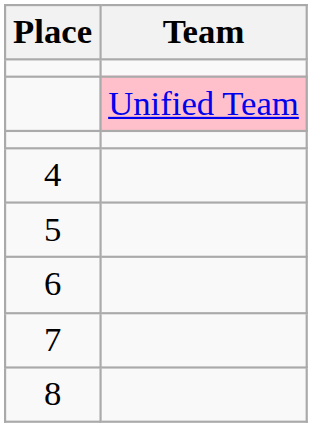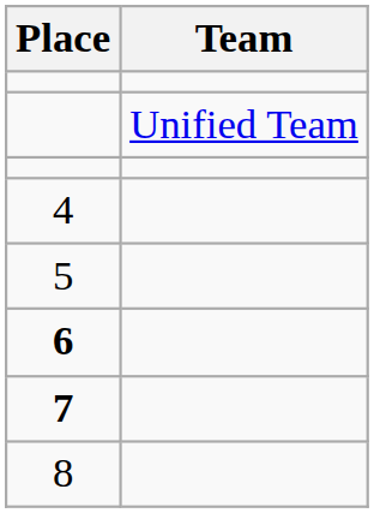 <table class="wikitable" style="text-align: center;">
 <tr>
 <th>Place</th>
 <th>Team</th>
 </tr>
 <tr>
 <td></td>
 <td style="text-align:left;"></td>
 </tr>
 <tr>
 <td></td>
-<td style="background: pink; text-align:left;"> <a href='#'>Unified Team</a></td>
+<td style="text-align:left;"> <a href='#'>Unified Team</a></td>
 </tr>
 <tr>
 <td></td>
 <td style="text-align:left;"></td>
 </tr>
 <tr>
 <td>4</td>
 <td style="text-align:left;"></td>
 </tr>
 <tr>
 <td>5</td>
 <td style="text-align:left;"></td>
 </tr>
 <tr>
-<td>6</td>
+<td><strong>6</strong></td>
 <td style="text-align:left;"></td>
 </tr>
 <tr>
-<td>7</td>
+<td><strong>7</strong></td>
 <td style="text-align:left;"></td>
 </tr>
 <tr>
 <td>8</td>
 <td style="text-align:left;"></td>
 </tr>
 </table>
